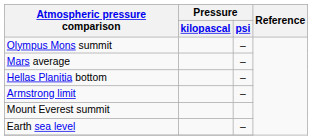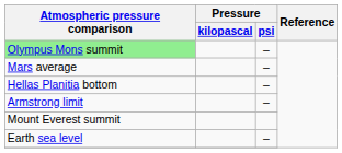 <table class="wikitable floatright" style="width: 400px; font-size: 0.85em;">
 <tr>
 <th rowspan= 2><a href='#'>Atmospheric pressure</a> comparison</th>
 <th colspan=2>Pressure</th>
 <th rowspan= 2>Reference</th>
 </tr>
 <tr>
 <th><a href='#'>kilopascal</a></th>
 <th><a href='#'>psi</a></th>
 </tr>
 <tr>
-<td><a href='#'>Olympus Mons</a> summit</td>
+<td style="background: lightgreen;"><a href='#'>Olympus Mons</a> summit</td>
 <td></td>
 <td align=center>–</td>
 </tr>
 <tr>
 <td><a href='#'>Mars</a> average</td>
 <td></td>
 <td align=center>–</td>
 </tr>
 <tr>
 <td><a href='#'>Hellas Planitia</a> bottom</td>
 <td></td>
 <td align=center>–</td>
 </tr>
 <tr>
 <td><a href='#'>Armstrong limit</a></td>
 <td></td>
 <td align=center>–</td>
 </tr>
 <tr>
 <td>Mount Everest summit</td>
 <td></td>
 <td align=center></td>
 </tr>
 <tr>
 <td>Earth <a href='#'>sea level</a></td>
 <td></td>
 <td align=center>–</td>
 </tr>
 <tr>
 </tr>
 </table>
